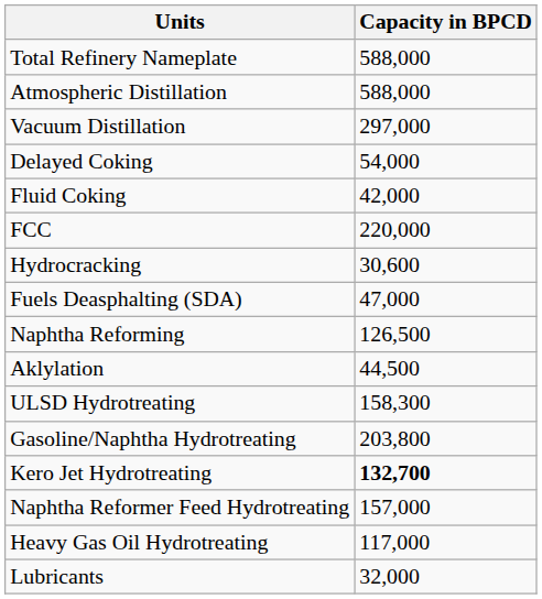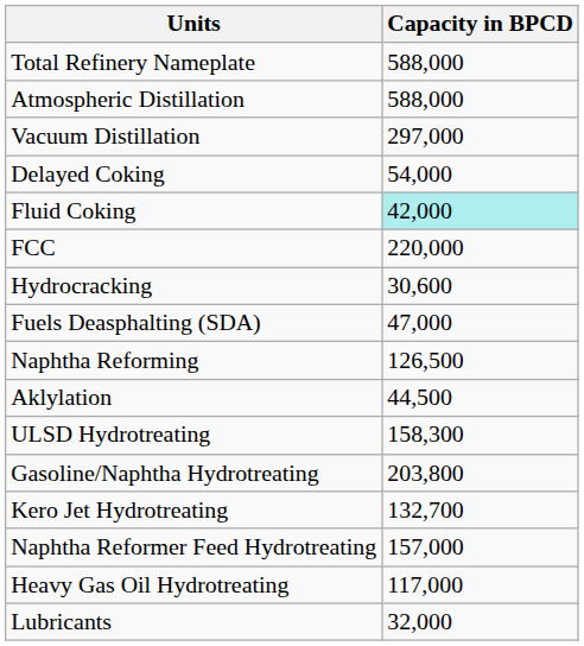 <table class="wikitable">
 <tr>
 <th>Units</th>
 <th>Capacity in BPCD</th>
 </tr>
 <tr>
 <td>Total Refinery Nameplate</td>
 <td>588,000</td>
 </tr>
 <tr>
 <td>Atmospheric Distillation</td>
 <td>588,000</td>
 </tr>
 <tr>
 <td>Vacuum Distillation</td>
 <td>297,000</td>
 </tr>
 <tr>
 <td>Delayed Coking</td>
 <td>54,000</td>
 </tr>
 <tr>
 <td>Fluid Coking</td>
-<td>42,000</td>
+<td style="background: paleturquoise;">42,000</td>
 </tr>
 <tr>
 <td>FCC</td>
 <td>220,000</td>
 </tr>
 <tr>
 <td>Hydrocracking</td>
 <td>30,600</td>
 </tr>
 <tr>
 <td>Fuels Deasphalting (SDA)</td>
 <td>47,000</td>
 </tr>
 <tr>
 <td>Naphtha Reforming</td>
 <td>126,500</td>
 </tr>
 <tr>
 <td>Aklylation</td>
 <td>44,500</td>
 </tr>
 <tr>
 <td>ULSD Hydrotreating</td>
 <td>158,300</td>
 </tr>
 <tr>
 <td>Gasoline/Naphtha Hydrotreating</td>
 <td>203,800</td>
 </tr>
 <tr>
 <td>Kero Jet Hydrotreating</td>
-<td><strong>132,700</strong></td>
+<td>132,700</td>
 </tr>
 <tr>
 <td>Naphtha Reformer Feed Hydrotreating</td>
 <td>157,000</td>
 </tr>
 <tr>
 <td>Heavy Gas Oil Hydrotreating</td>
 <td>117,000</td>
 </tr>
 <tr>
 <td>Lubricants</td>
 <td>32,000</td>
 </tr>
 </table>
